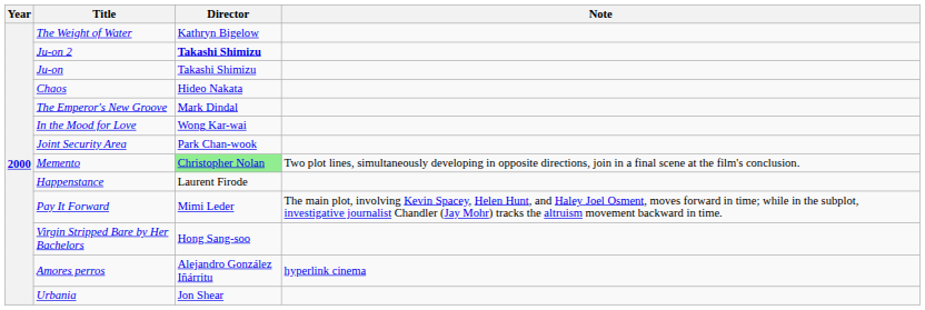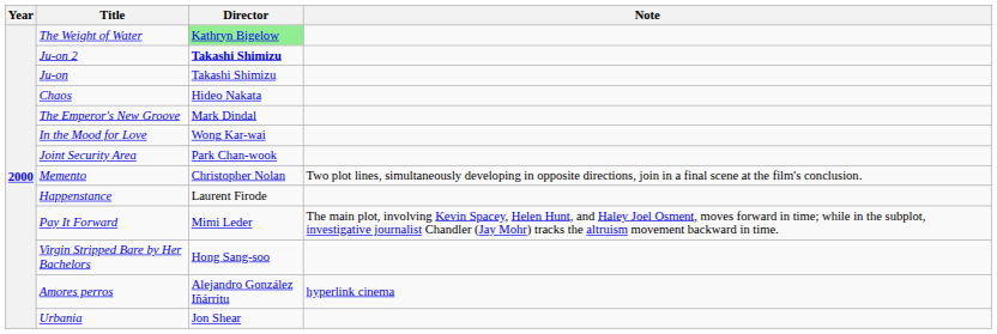 <table class="wikitable">
 <tr>
 <th>Year</th>
 <th>Title</th>
 <th>Director</th>
 <th>Note</th>
 </tr>
 <tr>
 <th rowspan="13"><a href='#'>2000</a></th>
 <td><em><a href='#'>The Weight of Water</a></em></td>
-<td><a href='#'>Kathryn Bigelow</a></td>
+<td style="background: lightgreen;"><a href='#'>Kathryn Bigelow</a></td>
 <td></td>
 </tr>
 <tr>
 <td><em><a href='#'>Ju-on 2</a></em></td>
 <td><strong><a href='#'>Takashi Shimizu</a></strong></td>
 <td></td>
 </tr>
 <tr>
 <td><em><a href='#'>Ju-on</a></em></td>
 <td><a href='#'>Takashi Shimizu</a></td>
 <td></td>
 </tr>
 <tr>
 <td><em><a href='#'>Chaos</a></em></td>
 <td><a href='#'>Hideo Nakata</a></td>
 <td></td>
 </tr>
 <tr>
 <td><em><a href='#'>The Emperor's New Groove</a></em></td>
 <td><a href='#'>Mark Dindal</a></td>
 <td></td>
 </tr>
 <tr>
 <td><em><a href='#'>In the Mood for Love</a></em></td>
 <td><a href='#'>Wong Kar-wai</a></td>
 <td></td>
 </tr>
 <tr>
 <td><em><a href='#'>Joint Security Area</a></em></td>
 <td><a href='#'>Park Chan-wook</a></td>
 <td></td>
 </tr>
 <tr>
 <td><em><a href='#'>Memento</a></em></td>
-<td style="background: lightgreen;"><a href='#'>Christopher Nolan</a></td>
+<td><a href='#'>Christopher Nolan</a></td>
 <td>Two plot lines, simultaneously developing in opposite directions, join in a final scene at the film's conclusion.</td>
 </tr>
 <tr>
 <td><em><a href='#'>Happenstance</a></em></td>
 <td>Laurent Firode</td>
 <td></td>
 </tr>
 <tr>
 <td><em><a href='#'>Pay It Forward</a></em></td>
 <td><a href='#'>Mimi Leder</a></td>
 <td>The main plot, involving <a href='#'>Kevin Spacey</a>, <a href='#'>Helen Hunt</a>, and <a href='#'>Haley Joel Osment</a>, moves forward in time; while in the subplot, <a href='#'>investigative journalist</a> Chandler (<a href='#'>Jay Mohr</a>) tracks the <a href='#'>altruism</a> movement backward in time.</td>
 </tr>
 <tr>
 <td><em><a href='#'>Virgin Stripped Bare by Her Bachelors</a></em></td>
 <td><a href='#'>Hong Sang-soo</a></td>
 <td></td>
 </tr>
 <tr>
 <td><em><a href='#'>Amores perros</a></em></td>
 <td><a href='#'>Alejandro González Iñárritu</a></td>
 <td><a href='#'>hyperlink cinema</a></td>
 </tr>
 <tr>
 <td><em><a href='#'>Urbania</a></em></td>
 <td><a href='#'>Jon Shear</a></td>
 <td></td>
 </tr>
 </table>
